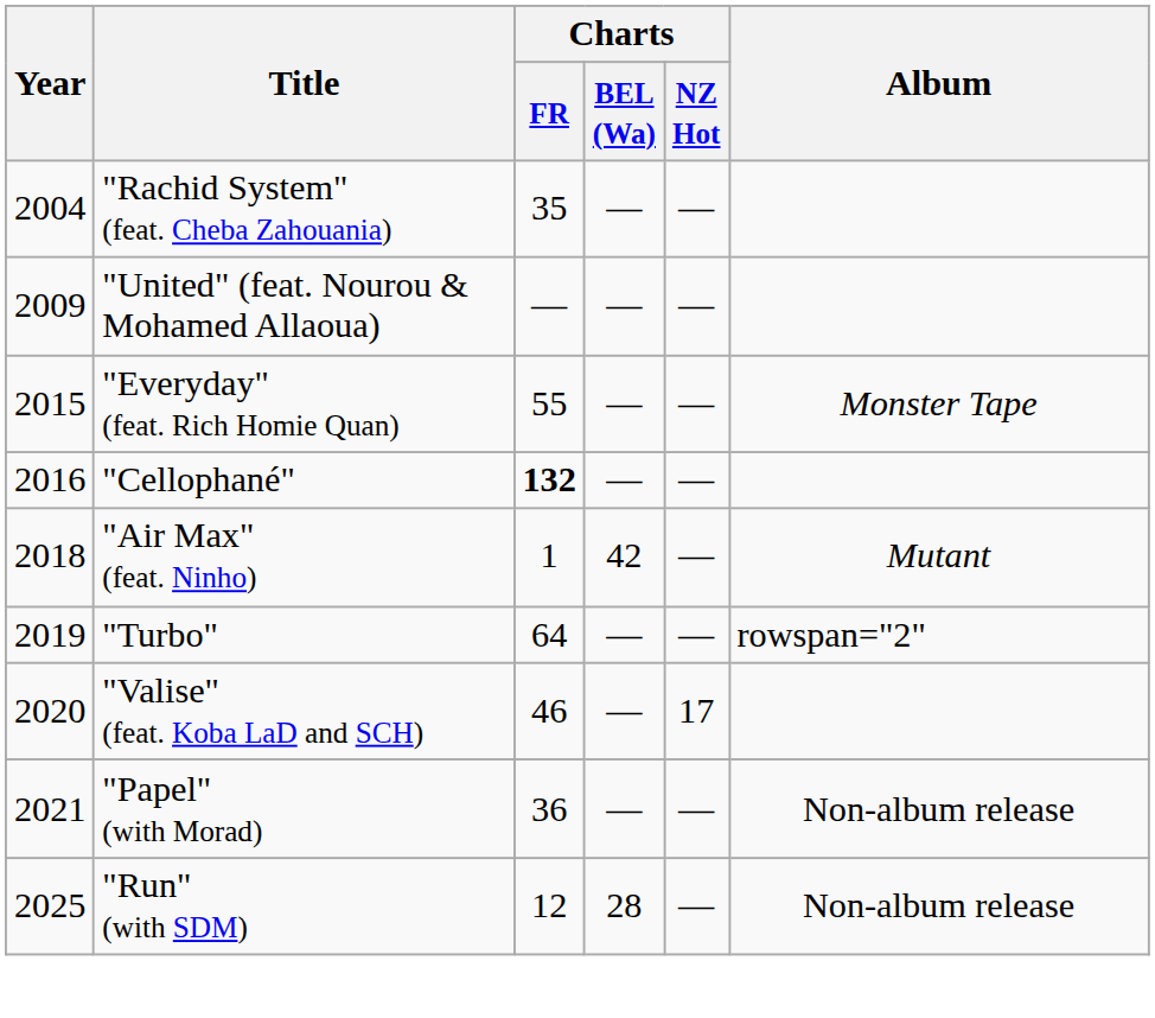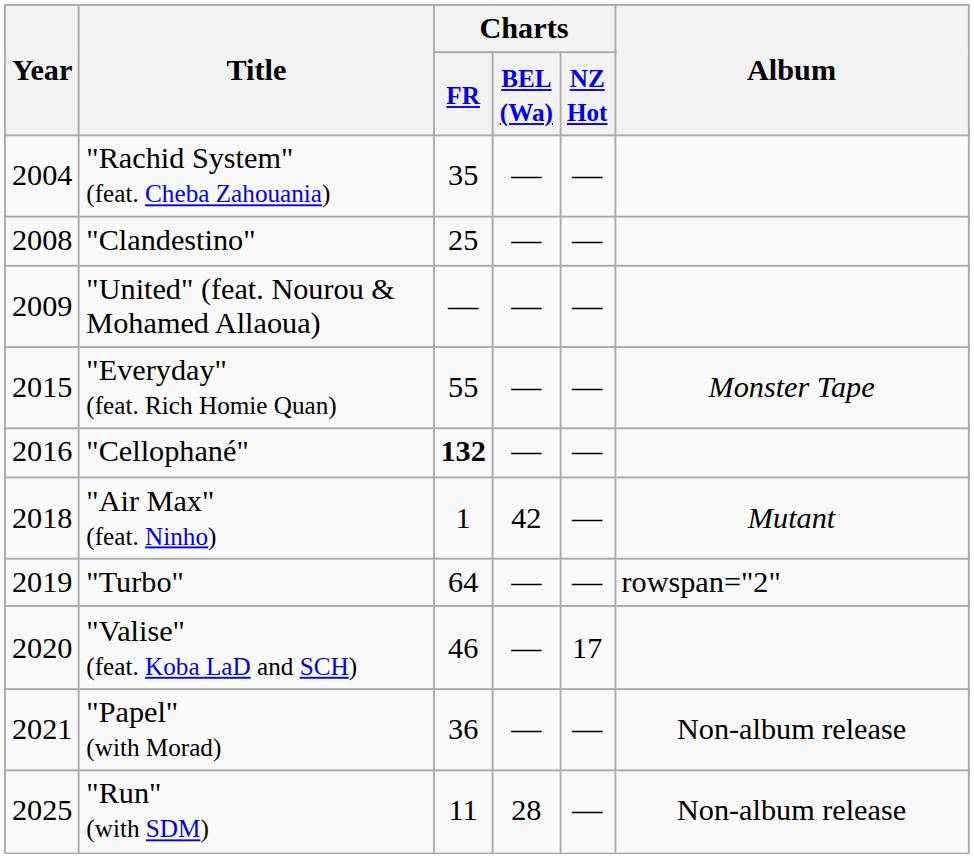 <table class="wikitable">
 <tr>
 <th scope="col" rowspan="2">Year</th>
 <th scope="col" rowspan="2" width="180">Title</th>
 <th scope="col" colspan="3">Charts</th>
 <th scope="col" rowspan="2" width="180">Album</th>
 </tr>
 <tr>
 <th scope="col" width="20"><small><a href='#'>FR</a></small><br></th>
 <th scope="col" width="20"><small><a href='#'>BEL<br>(Wa)</a></small><br></th>
 <th scope="col" width="20"><small><a href='#'>NZ<br>Hot</a></small><br></th>
 </tr>
 <tr>
 <td align="center">2004</td>
 <td>"Rachid System" <br><small>(feat. <a href='#'>Cheba Zahouania</a>)</small></td>
 <td align="center">35</td>
+<td align="center">—</td>
+<td align="center">—</td>
+<td align="center"></td>
+</tr>
+<tr>
+<td align="center">2008</td>
+<td>"Clandestino"</td>
+<td align="center">25</td>
 <td align="center">—</td>
 <td align="center">—</td>
 <td align="center"></td>
 </tr>
 <tr>
 <td align="center">2009</td>
 <td>"United" (feat. Nourou & Mohamed Allaoua)</td>
 <td align="center">—</td>
 <td align="center">—</td>
 <td align="center">—</td>
 <td></td>
 </tr>
 <tr>
 <td align="center">2015</td>
 <td>"Everyday" <br><small>(feat. Rich Homie Quan)</small></td>
 <td align="center">55</td>
 <td align="center">—</td>
 <td align="center">—</td>
 <td align="center"><em>Monster Tape</em></td>
 </tr>
 <tr>
 <td align="center">2016</td>
 <td>"Cellophané"</td>
 <td align="center"><strong>132</strong></td>
 <td align="center">—</td>
 <td align="center">—</td>
 <td></td>
 </tr>
 <tr>
 <td align="center">2018</td>
 <td>"Air Max" <br><small>(feat. <a href='#'>Ninho</a>)</small></td>
 <td align="center">1</td>
 <td align="center">42</td>
 <td align="center">—</td>
 <td align="center"><em>Mutant</em></td>
 </tr>
 <tr>
 <td align="center">2019</td>
 <td>"Turbo"</td>
 <td align="center">64<br></td>
 <td align="center">—</td>
 <td align="center">—</td>
 <td>rowspan="2" </td>
 </tr>
 <tr>
 <td align="center">2020</td>
 <td>"Valise"<br><small>(feat. <a href='#'>Koba LaD</a> and <a href='#'>SCH</a>)</small></td>
 <td align="center">46<br></td>
 <td align="center">—</td>
 <td align="center">17</td>
 </tr>
 <tr>
 <td align="center">2021</td>
 <td>"Papel"<br><small>(with Morad)</small></td>
 <td align="center">36</td>
 <td align="center">—</td>
 <td align="center">—</td>
 <td align="center">Non-album release</td>
 </tr>
 <tr>
 <td align="center">2025</td>
 <td>"Run"<br><small>(with <a href='#'>SDM</a>)</small></td>
-<td align="center">12</td>
+<td align="center">11</td>
 <td align="center">28</td>
 <td align="center">—</td>
 <td align="center">Non-album release</td>
 </tr>
 </table>
